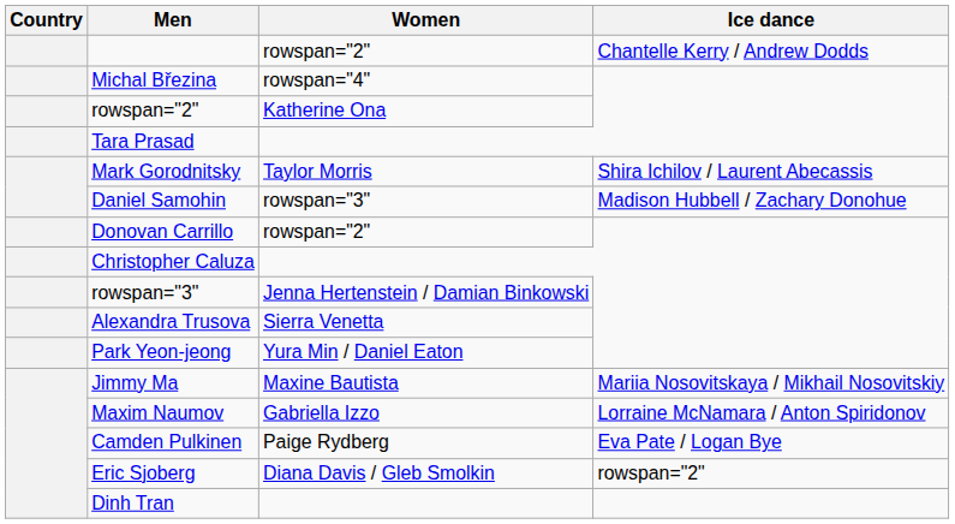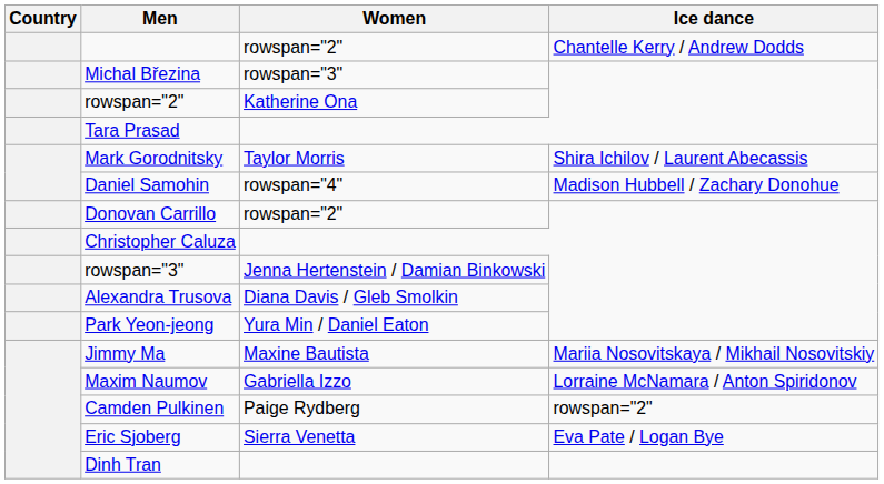 <table class="wikitable unsortable" style="text-align:left;">
 <tr>
 <th scope="col">Country</th>
 <th scope="col">Men</th>
 <th scope="col">Women</th>
 <th scope="col">Ice dance</th>
 </tr>
 <tr>
 <th scope="row" style="text-align:left"></th>
 <td></td>
 <td>rowspan="2" </td>
 <td><a href='#'>Chantelle Kerry</a> / <a href='#'>Andrew Dodds</a></td>
 </tr>
 <tr>
 <th scope="row" style="text-align:left"></th>
 <td><a href='#'>Michal Březina</a></td>
-<td>rowspan="4" </td>
+<td>rowspan="3" </td>
 </tr>
 <tr>
 <th scope="row" style="text-align:left"></th>
 <td>rowspan="2"</td>
 <td><a href='#'>Katherine Ona</a></td>
 </tr>
 <tr>
 <th scope="row" style="text-align:left"></th>
 <td><a href='#'>Tara Prasad</a></td>
 </tr>
 <tr>
 <th scope="row" style="text-align:left" rowspan="2"></th>
 <td><a href='#'>Mark Gorodnitsky</a></td>
 <td><a href='#'>Taylor Morris</a></td>
 <td><a href='#'>Shira Ichilov</a> / <a href='#'>Laurent Abecassis</a></td>
 </tr>
 <tr>
 <td><a href='#'>Daniel Samohin</a></td>
-<td>rowspan="3" </td>
+<td>rowspan="4" </td>
 <td><a href='#'>Madison Hubbell</a> / <a href='#'>Zachary Donohue</a></td>
 </tr>
 <tr>
 <th scope="row" style="text-align:left"></th>
 <td><a href='#'>Donovan Carrillo</a></td>
 <td>rowspan="2" </td>
 </tr>
 <tr>
 <th scope="row" style="text-align:left"></th>
 <td><a href='#'>Christopher Caluza</a></td>
 </tr>
 <tr>
 <th scope="row" style="text-align:left"></th>
 <td>rowspan="3" </td>
 <td><a href='#'>Jenna Hertenstein</a> / <a href='#'>Damian Binkowski</a></td>
 </tr>
 <tr>
 <th scope="row" style="text-align:left"></th>
 <td><a href='#'>Alexandra Trusova</a></td>
-<td><a href='#'>Sierra Venetta</a></td>
+<td><a href='#'>Diana Davis</a> / <a href='#'>Gleb Smolkin</a></td>
 </tr>
 <tr>
 <th scope="row" style="text-align:left"></th>
 <td><a href='#'>Park Yeon-jeong</a></td>
 <td><a href='#'>Yura Min</a> / <a href='#'>Daniel Eaton</a></td>
 </tr>
 <tr>
 <th scope="row" style="text-align:left" rowspan="5"></th>
 <td><a href='#'>Jimmy Ma</a></td>
 <td><a href='#'>Maxine Bautista</a></td>
 <td><a href='#'>Mariia Nosovitskaya</a> / <a href='#'>Mikhail Nosovitskiy</a></td>
 </tr>
 <tr>
 <td><a href='#'>Maxim Naumov</a></td>
 <td><a href='#'>Gabriella Izzo</a></td>
 <td><a href='#'>Lorraine McNamara</a> / <a href='#'>Anton Spiridonov</a></td>
 </tr>
 <tr>
 <td><a href='#'>Camden Pulkinen</a></td>
 <td>Paige Rydberg</td>
-<td><a href='#'>Eva Pate</a> / <a href='#'>Logan Bye</a></td>
+<td>rowspan="2" </td>
 </tr>
 <tr>
 <td><a href='#'>Eric Sjoberg</a></td>
-<td><a href='#'>Diana Davis</a> / <a href='#'>Gleb Smolkin</a></td>
-<td>rowspan="2" </td>
+<td><a href='#'>Sierra Venetta</a></td>
+<td><a href='#'>Eva Pate</a> / <a href='#'>Logan Bye</a></td>
 </tr>
 <tr>
 <td><a href='#'>Dinh Tran</a></td>
 <td></td>
 </tr>
 </table>
